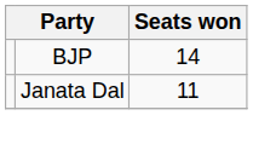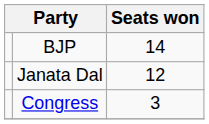 <table class="wikitable" style="text-align:center">
 <tr>
 <th colspan=2>Party</th>
 <th>Seats won</th>
 </tr>
 <tr>
 <td></td>
 <td>BJP</td>
 <td>14</td>
 </tr>
 <tr>
 <td></td>
 <td>Janata Dal</td>
-<td>11</td>
+<td>12</td>
+</tr>
+<tr>
+<td></td>
+<td><a href='#'>Congress</a></td>
+<td>3</td>
 </tr>
 <tr>
 </tr>
 </table>
